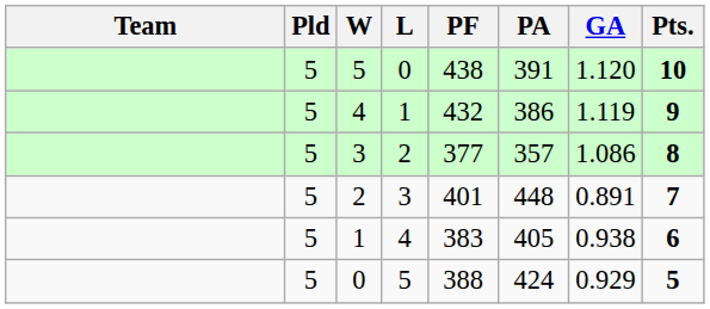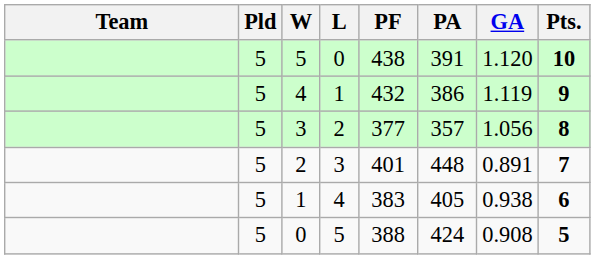 <table class=wikitable style="text-align:center">
 <tr>
 <th width=160>Team</th>
 <th width=20>Pld</th>
 <th width=20>W</th>
 <th width=20>L</th>
 <th width=35>PF</th>
 <th width=35>PA</th>
 <th width=35><a href='#'>GA</a></th>
 <th width=30>Pts.</th>
 </tr>
 <tr bgcolor=#ccffcc>
 <td align=left></td>
 <td>5</td>
 <td>5</td>
 <td>0</td>
 <td>438</td>
 <td>391</td>
 <td>1.120</td>
 <td><strong>10</strong></td>
 </tr>
 <tr bgcolor=#ccffcc>
 <td align=left></td>
 <td>5</td>
 <td>4</td>
 <td>1</td>
 <td>432</td>
 <td>386</td>
 <td>1.119</td>
 <td><strong>9</strong></td>
 </tr>
 <tr bgcolor=#ccffcc>
 <td align=left></td>
 <td>5</td>
 <td>3</td>
 <td>2</td>
 <td>377</td>
 <td>357</td>
-<td>1.086</td>
+<td>1.056</td>
 <td><strong>8</strong></td>
 </tr>
 <tr>
 <td align=left></td>
 <td>5</td>
 <td>2</td>
 <td>3</td>
 <td>401</td>
 <td>448</td>
 <td>0.891</td>
 <td><strong>7</strong></td>
 </tr>
 <tr>
 <td align=left></td>
 <td>5</td>
 <td>1</td>
 <td>4</td>
 <td>383</td>
 <td>405</td>
 <td>0.938</td>
 <td><strong>6</strong></td>
 </tr>
 <tr>
 <td align=left></td>
 <td>5</td>
 <td>0</td>
 <td>5</td>
 <td>388</td>
 <td>424</td>
-<td>0.929</td>
+<td>0.908</td>
 <td><strong>5</strong></td>
 </tr>
 </table>
